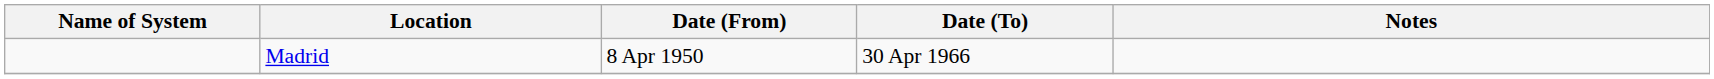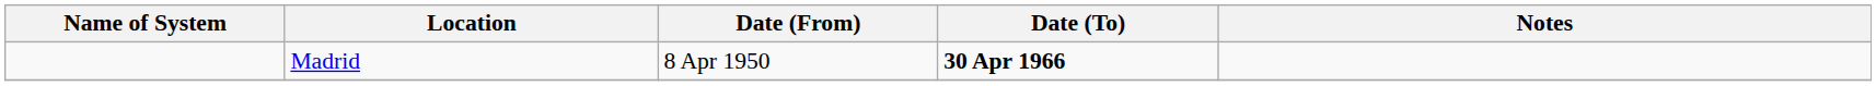 <table class="wikitable" width=100%>
 <tr>
 <th width=15%>Name of System</th>
 <th width=20%>Location</th>
 <th width=15%>Date (From)</th>
 <th width=15%>Date (To)</th>
 <th width=35%>Notes</th>
 </tr>
 <tr>
 <td> </td>
 <td><a href='#'>Madrid</a></td>
 <td>8 Apr 1950</td>
-<td>30 Apr 1966</td>
+<td><strong>30 Apr 1966</strong></td>
 <td> </td>
 </tr>
 <tr>
 </tr>
 </table>
